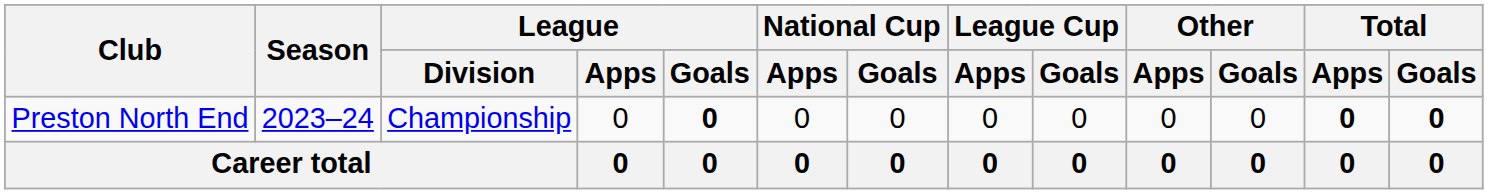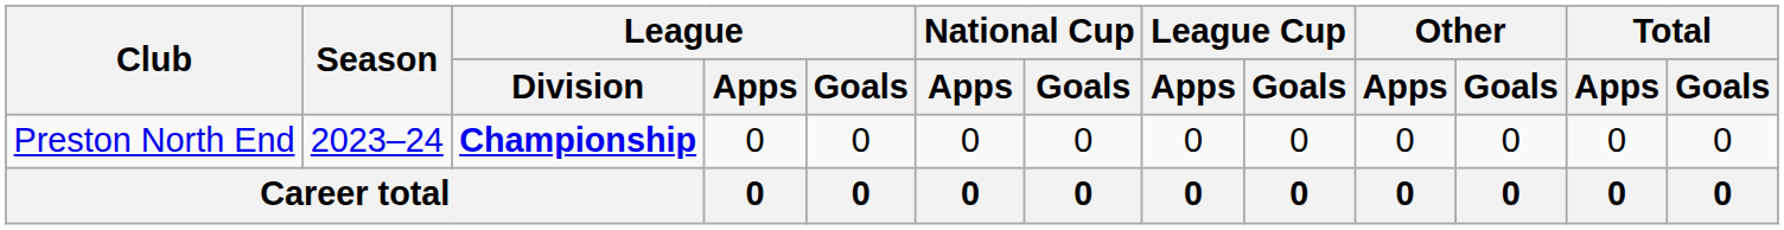 <table class=wikitable style=text-align:center>
 <tr>
 <th rowspan=2>Club</th>
 <th rowspan=2>Season</th>
 <th colspan=3>League</th>
 <th colspan=2>National Cup</th>
 <th colspan=2>League Cup</th>
 <th colspan=2>Other</th>
 <th colspan=2>Total</th>
 </tr>
 <tr>
 <th>Division</th>
 <th>Apps</th>
 <th>Goals</th>
 <th>Apps</th>
 <th>Goals</th>
 <th>Apps</th>
 <th>Goals</th>
 <th>Apps</th>
 <th>Goals</th>
 <th>Apps</th>
 <th>Goals</th>
 </tr>
 <tr>
 <td><a href='#'>Preston North End</a></td>
 <td><a href='#'>2023–24</a></td>
-<td><a href='#'>Championship</a></td>
-<td>0</td>
-<td><strong>0</strong></td>
+<td><strong><a href='#'>Championship</a></strong></td>
 <td>0</td>
 <td>0</td>
 <td>0</td>
 <td>0</td>
 <td>0</td>
 <td>0</td>
-<td><strong>0</strong></td>
-<td><strong>0</strong></td>
+<td>0</td>
+<td>0</td>
+<td>0</td>
+<td>0</td>
 </tr>
 <tr>
 <th colspan=3>Career total</th>
 <th>0</th>
 <th>0</th>
 <th>0</th>
 <th>0</th>
 <th>0</th>
 <th>0</th>
 <th>0</th>
 <th>0</th>
 <th>0</th>
 <th>0</th>
 </tr>
 </table>
